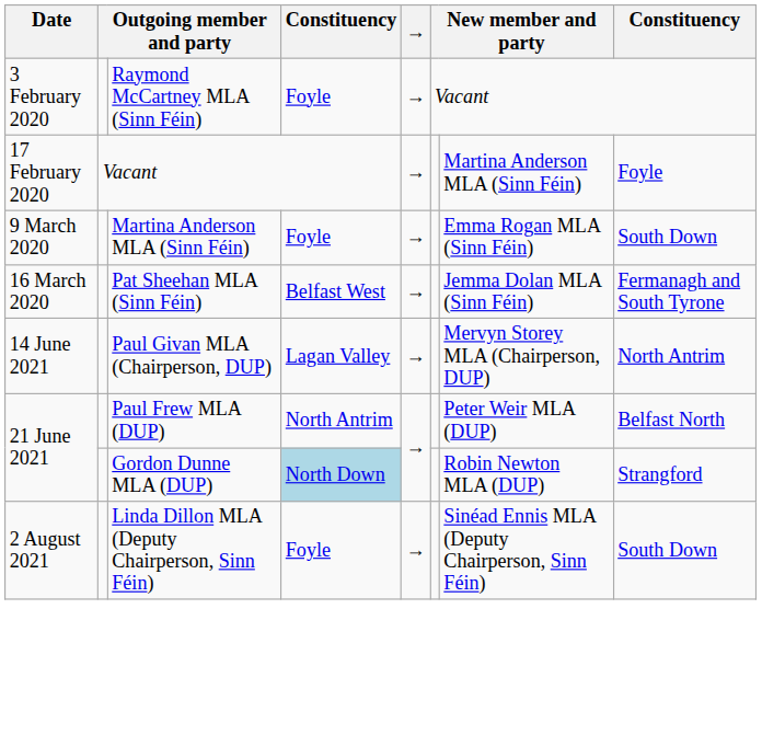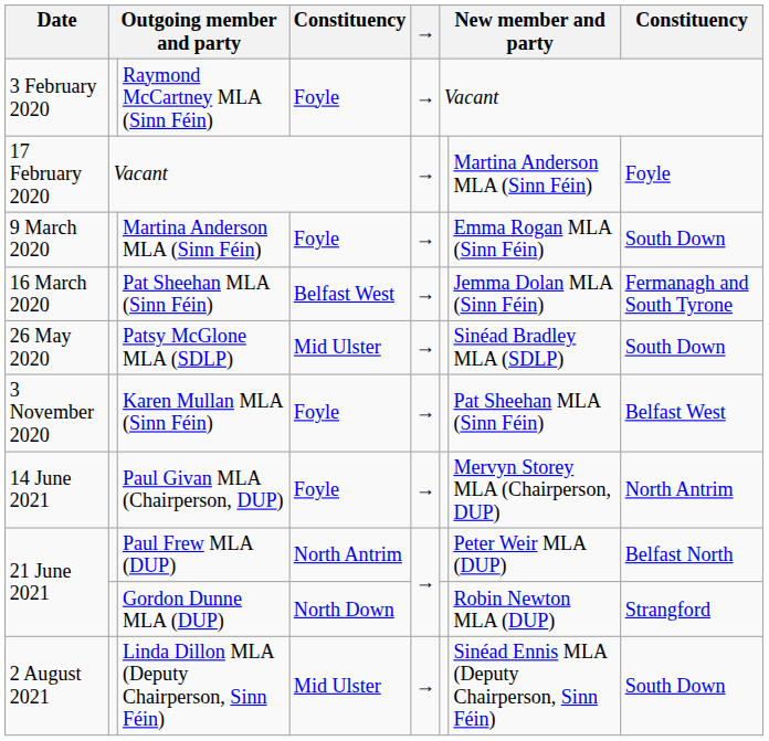 <table class="wikitable">
 <tr>
 <th valign="top">Date</th>
 <th colspan="2" valign="top">Outgoing member and party</th>
 <th valign="top">Constituency</th>
 <th>→</th>
 <th colspan="2" valign="top">New member and party</th>
 <th valign="top">Constituency</th>
 </tr>
 <tr>
 <td>3 February 2020</td>
 <td></td>
 <td><a href='#'>Raymond McCartney</a> MLA (<a href='#'>Sinn Féin</a>)</td>
 <td><a href='#'>Foyle</a></td>
 <td>→</td>
 <td colspan=3><em>Vacant</em></td>
 </tr>
 <tr>
 <td>17 February 2020</td>
 <td colspan=3><em>Vacant</em></td>
 <td>→</td>
 <td></td>
 <td><a href='#'>Martina Anderson</a> MLA (<a href='#'>Sinn Féin</a>)</td>
 <td><a href='#'>Foyle</a></td>
 </tr>
 <tr>
 <td>9 March 2020</td>
 <td></td>
 <td><a href='#'>Martina Anderson</a> MLA (<a href='#'>Sinn Féin</a>)</td>
 <td><a href='#'>Foyle</a></td>
 <td>→</td>
 <td></td>
 <td><a href='#'>Emma Rogan</a> MLA (<a href='#'>Sinn Féin</a>)</td>
 <td><a href='#'>South Down</a></td>
 </tr>
 <tr>
 <td>16 March 2020</td>
 <td></td>
 <td><a href='#'>Pat Sheehan</a> MLA (<a href='#'>Sinn Féin</a>)</td>
 <td><a href='#'>Belfast West</a></td>
 <td>→</td>
 <td></td>
 <td><a href='#'>Jemma Dolan</a> MLA (<a href='#'>Sinn Féin</a>)</td>
 <td><a href='#'>Fermanagh and South Tyrone</a></td>
 </tr>
 <tr>
+<td>26 May 2020</td>
+<td></td>
+<td><a href='#'>Patsy McGlone</a> MLA (<a href='#'>SDLP</a>)</td>
+<td><a href='#'>Mid Ulster</a></td>
+<td>→</td>
+<td></td>
+<td><a href='#'>Sinéad Bradley</a> MLA (<a href='#'>SDLP</a>)</td>
+<td><a href='#'>South Down</a></td>
+</tr>
+<tr>
+<td>3 November 2020</td>
+<td></td>
+<td><a href='#'>Karen Mullan</a> MLA (<a href='#'>Sinn Féin</a>)</td>
+<td><a href='#'>Foyle</a></td>
+<td>→</td>
+<td></td>
+<td><a href='#'>Pat Sheehan</a> MLA (<a href='#'>Sinn Féin</a>)</td>
+<td><a href='#'>Belfast West</a></td>
+</tr>
+<tr>
 <td>14 June 2021</td>
 <td></td>
 <td><a href='#'>Paul Givan</a> MLA (Chairperson, <a href='#'>DUP</a>)</td>
-<td><a href='#'>Lagan Valley</a></td>
+<td><a href='#'>Foyle</a></td>
 <td>→</td>
 <td></td>
 <td><a href='#'>Mervyn Storey</a> MLA (Chairperson, <a href='#'>DUP</a>)</td>
 <td><a href='#'>North Antrim</a></td>
 </tr>
 <tr>
 <td rowspan=2>21 June 2021</td>
 <td></td>
 <td><a href='#'>Paul Frew</a> MLA (<a href='#'>DUP</a>)</td>
 <td><a href='#'>North Antrim</a></td>
 <td rowspan=2>→</td>
 <td></td>
 <td><a href='#'>Peter Weir</a> MLA (<a href='#'>DUP</a>)</td>
 <td><a href='#'>Belfast North</a></td>
 </tr>
 <tr>
 <td></td>
 <td><a href='#'>Gordon Dunne</a> MLA (<a href='#'>DUP</a>)</td>
-<td style="background: lightblue;"><a href='#'>North Down</a></td>
+<td><a href='#'>North Down</a></td>
 <td></td>
 <td><a href='#'>Robin Newton</a> MLA (<a href='#'>DUP</a>)</td>
 <td><a href='#'>Strangford</a></td>
 </tr>
 <tr>
 <td>2 August 2021</td>
 <td></td>
 <td><a href='#'>Linda Dillon</a> MLA (Deputy Chairperson, <a href='#'>Sinn Féin</a>)</td>
-<td><a href='#'>Foyle</a></td>
+<td><a href='#'>Mid Ulster</a></td>
 <td>→</td>
 <td></td>
 <td><a href='#'>Sinéad Ennis</a> MLA (Deputy Chairperson, <a href='#'>Sinn Féin</a>)</td>
 <td><a href='#'>South Down</a></td>
 </tr>
 </table>
